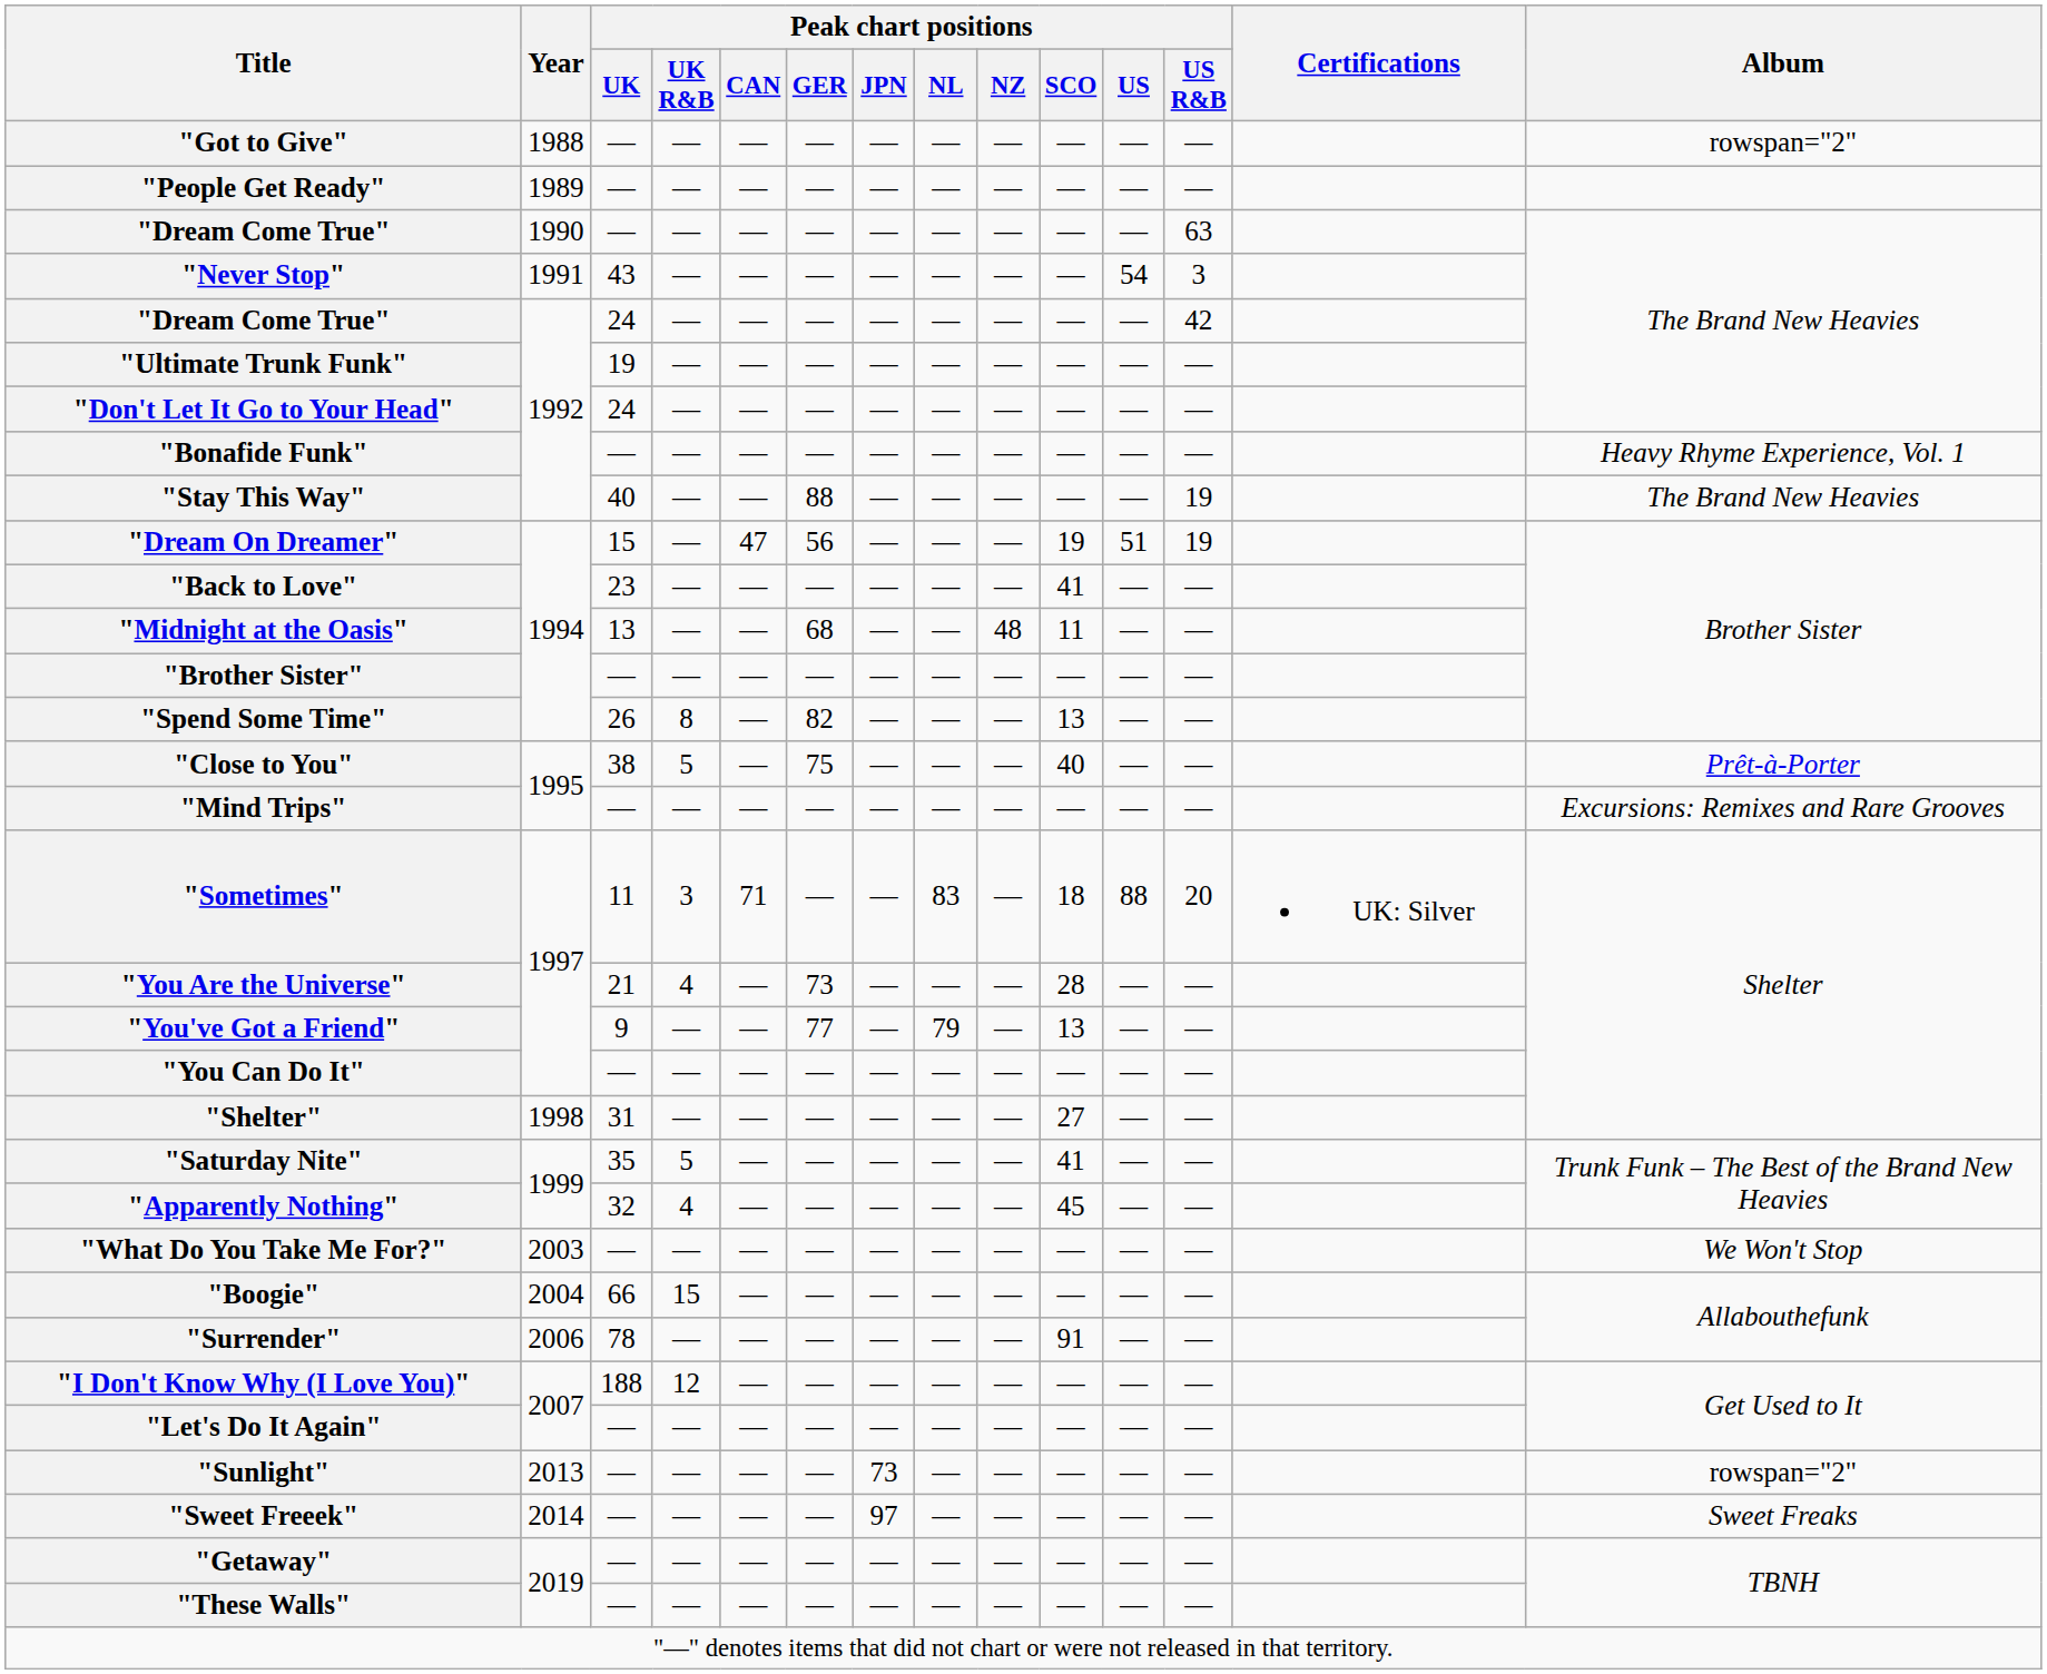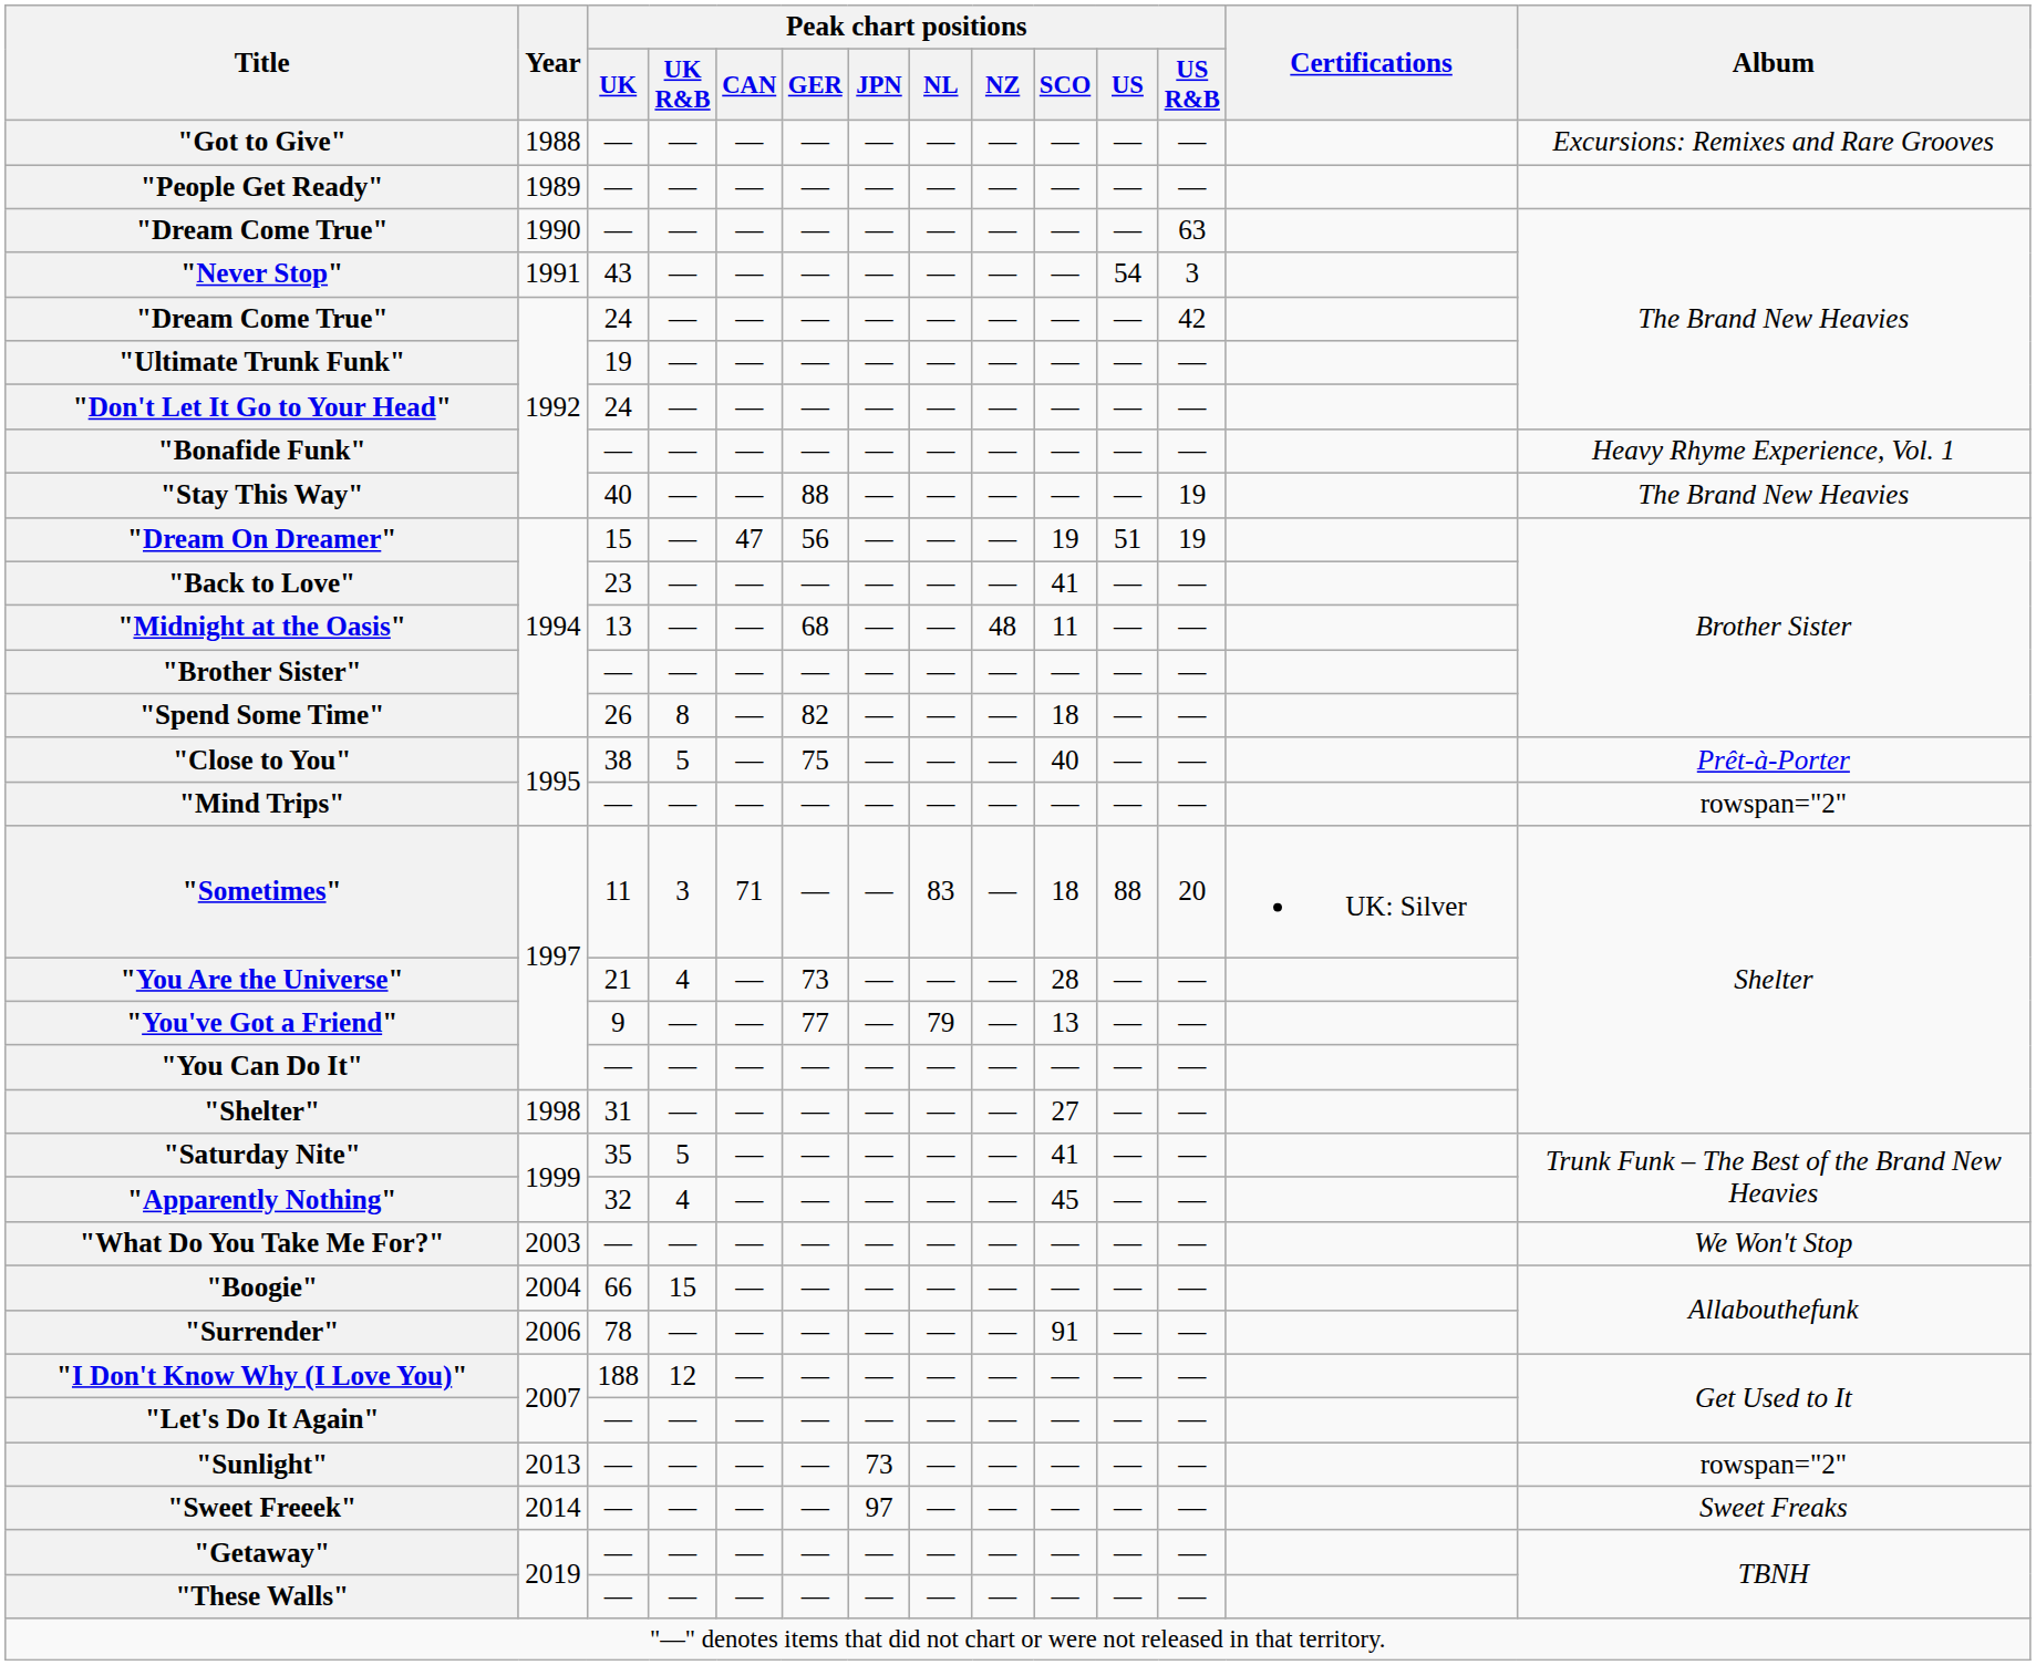 <table class="wikitable plainrowheaders" style="text-align: center;">
 <tr>
 <th scope="col" rowspan="2" style="width:18em;">Title</th>
 <th scope="col" rowspan="2">Year</th>
 <th scope="col" colspan="10">Peak chart positions</th>
 <th scope="col" rowspan="2" style="width:10em;"><a href='#'>Certifications</a></th>
 <th scope="col" rowspan="2" style="width:18em;">Album</th>
 </tr>
 <tr>
 <th style="width:2em;font-size:90%;"><a href='#'>UK</a><br></th>
 <th style="width:2em;font-size:90%;"><a href='#'>UK<br>R&B</a><br></th>
 <th style="width:2em;font-size:90%;"><a href='#'>CAN</a><br></th>
 <th style="width:2em;font-size:90%;"><a href='#'>GER</a><br></th>
 <th style="width:2em;font-size:90%;"><a href='#'>JPN</a><br></th>
 <th style="width:2em;font-size:90%;"><a href='#'>NL</a><br></th>
 <th style="width:2em;font-size:90%;"><a href='#'>NZ</a><br></th>
 <th style="width:2em;font-size:90%;"><a href='#'>SCO</a><br></th>
 <th style="width:2em;font-size:90%;"><a href='#'>US</a><br></th>
 <th style="width:2em;font-size:90%;"><a href='#'>US<br>R&B</a><br></th>
 </tr>
 <tr>
 <th scope="row">"Got to Give"</th>
 <td>1988</td>
 <td>—</td>
 <td>—</td>
 <td>—</td>
 <td>—</td>
 <td>—</td>
 <td>—</td>
 <td>—</td>
 <td>—</td>
 <td>—</td>
 <td>—</td>
 <td></td>
-<td>rowspan="2" </td>
+<td><em>Excursions: Remixes and Rare Grooves</em></td>
 </tr>
 <tr>
 <th scope="row">"People Get Ready"</th>
 <td>1989</td>
 <td>—</td>
 <td>—</td>
 <td>—</td>
 <td>—</td>
 <td>—</td>
 <td>—</td>
 <td>—</td>
 <td>—</td>
 <td>—</td>
 <td>—</td>
 <td></td>
 </tr>
 <tr>
 <th scope="row">"Dream Come True"</th>
 <td>1990</td>
 <td>—</td>
 <td>—</td>
 <td>—</td>
 <td>—</td>
 <td>—</td>
 <td>—</td>
 <td>—</td>
 <td>—</td>
 <td>—</td>
 <td>63</td>
 <td></td>
 <td rowspan="5"><em>The Brand New Heavies</em></td>
 </tr>
 <tr>
 <th scope="row">"<a href='#'>Never Stop</a>"</th>
 <td>1991</td>
 <td>43</td>
 <td>—</td>
 <td>—</td>
 <td>—</td>
 <td>—</td>
 <td>—</td>
 <td>—</td>
 <td>—</td>
 <td>54</td>
 <td>3</td>
 <td></td>
 </tr>
 <tr>
 <th scope="row">"Dream Come True" </th>
 <td rowspan="5">1992</td>
 <td>24</td>
 <td>—</td>
 <td>—</td>
 <td>—</td>
 <td>—</td>
 <td>—</td>
 <td>—</td>
 <td>—</td>
 <td>—</td>
 <td>42</td>
 <td></td>
 </tr>
 <tr>
 <th scope="row">"Ultimate Trunk Funk"  </th>
 <td>19</td>
 <td>—</td>
 <td>—</td>
 <td>—</td>
 <td>—</td>
 <td>—</td>
 <td>—</td>
 <td>—</td>
 <td>—</td>
 <td>—</td>
 <td></td>
 </tr>
 <tr>
 <th scope="row">"<a href='#'>Don't Let It Go to Your Head</a>"</th>
 <td>24</td>
 <td>—</td>
 <td>—</td>
 <td>—</td>
 <td>—</td>
 <td>—</td>
 <td>—</td>
 <td>—</td>
 <td>—</td>
 <td>—</td>
 <td></td>
 </tr>
 <tr>
 <th scope="row">"Bonafide Funk"<br></th>
 <td>—</td>
 <td>—</td>
 <td>—</td>
 <td>—</td>
 <td>—</td>
 <td>—</td>
 <td>—</td>
 <td>—</td>
 <td>—</td>
 <td>—</td>
 <td></td>
 <td><em>Heavy Rhyme Experience, Vol. 1</em></td>
 </tr>
 <tr>
 <th scope="row">"Stay This Way"</th>
 <td>40</td>
 <td>—</td>
 <td>—</td>
 <td>88</td>
 <td>—</td>
 <td>—</td>
 <td>—</td>
 <td>—</td>
 <td>—</td>
 <td>19</td>
 <td></td>
 <td><em>The Brand New Heavies</em></td>
 </tr>
 <tr>
 <th scope="row">"<a href='#'>Dream On Dreamer</a>"</th>
 <td rowspan="5">1994</td>
 <td>15</td>
 <td>—</td>
 <td>47</td>
 <td>56</td>
 <td>—</td>
 <td>—</td>
 <td>—</td>
 <td>19</td>
 <td>51</td>
 <td>19</td>
 <td></td>
 <td rowspan="5"><em>Brother Sister</em></td>
 </tr>
 <tr>
 <th scope="row">"Back to Love"</th>
 <td>23</td>
 <td>—</td>
 <td>—</td>
 <td>—</td>
 <td>—</td>
 <td>—</td>
 <td>—</td>
 <td>41</td>
 <td>—</td>
 <td>—</td>
 <td></td>
 </tr>
 <tr>
 <th scope="row">"<a href='#'>Midnight at the Oasis</a>"</th>
 <td>13</td>
 <td>—</td>
 <td>—</td>
 <td>68</td>
 <td>—</td>
 <td>—</td>
 <td>48</td>
 <td>11</td>
 <td>—</td>
 <td>—</td>
 <td></td>
 </tr>
 <tr>
 <th scope="row">"Brother Sister"</th>
 <td>—</td>
 <td>—</td>
 <td>—</td>
 <td>—</td>
 <td>—</td>
 <td>—</td>
 <td>—</td>
 <td>—</td>
 <td>—</td>
 <td>—</td>
 <td></td>
 </tr>
 <tr>
 <th scope="row">"Spend Some Time"</th>
 <td>26</td>
 <td>8</td>
 <td>—</td>
 <td>82</td>
 <td>—</td>
 <td>—</td>
 <td>—</td>
-<td>13</td>
+<td>18</td>
 <td>—</td>
 <td>—</td>
 <td></td>
 </tr>
 <tr>
 <th scope="row">"Close to You"</th>
 <td rowspan="2">1995</td>
 <td>38</td>
 <td>5</td>
 <td>—</td>
 <td>75</td>
 <td>—</td>
 <td>—</td>
 <td>—</td>
 <td>40</td>
 <td>—</td>
 <td>—</td>
 <td></td>
 <td><em><a href='#'>Prêt-à-Porter</a></em></td>
 </tr>
 <tr>
 <th scope="row">"Mind Trips"</th>
 <td>—</td>
 <td>—</td>
 <td>—</td>
 <td>—</td>
 <td>—</td>
 <td>—</td>
 <td>—</td>
 <td>—</td>
 <td>—</td>
 <td>—</td>
 <td></td>
-<td><em>Excursions: Remixes and Rare Grooves</em></td>
+<td>rowspan="2" </td>
 </tr>
 <tr>
 <th scope="row">"<a href='#'>Sometimes</a>"</th>
 <td rowspan="4">1997</td>
 <td>11</td>
 <td>3</td>
 <td>71</td>
 <td>—</td>
 <td>—</td>
 <td>83</td>
 <td>—</td>
 <td>18</td>
 <td>88</td>
 <td>20</td>
 <td><br><ul><li>UK: Silver</li></ul></td>
 <td rowspan="5"><em>Shelter</em></td>
 </tr>
 <tr>
 <th scope="row">"<a href='#'>You Are the Universe</a>"</th>
 <td>21</td>
 <td>4</td>
 <td>—</td>
 <td>73</td>
 <td>—</td>
 <td>—</td>
 <td>—</td>
 <td>28</td>
 <td>—</td>
 <td>—</td>
 <td></td>
 </tr>
 <tr>
 <th scope="row">"<a href='#'>You've Got a Friend</a>"</th>
 <td>9</td>
 <td>—</td>
 <td>—</td>
 <td>77</td>
 <td>—</td>
 <td>79</td>
 <td>—</td>
 <td>13</td>
 <td>—</td>
 <td>—</td>
 <td></td>
 </tr>
 <tr>
 <th scope="row">"You Can Do It"</th>
 <td>—</td>
 <td>—</td>
 <td>—</td>
 <td>—</td>
 <td>—</td>
 <td>—</td>
 <td>—</td>
 <td>—</td>
 <td>—</td>
 <td>—</td>
 <td></td>
 </tr>
 <tr>
 <th scope="row">"Shelter"</th>
 <td>1998</td>
 <td>31</td>
 <td>—</td>
 <td>—</td>
 <td>—</td>
 <td>—</td>
 <td>—</td>
 <td>—</td>
 <td>27</td>
 <td>—</td>
 <td>—</td>
 <td></td>
 </tr>
 <tr>
 <th scope="row">"Saturday Nite"</th>
 <td rowspan="2">1999</td>
 <td>35</td>
 <td>5</td>
 <td>—</td>
 <td>—</td>
 <td>—</td>
 <td>—</td>
 <td>—</td>
 <td>41</td>
 <td>—</td>
 <td>—</td>
 <td></td>
 <td rowspan="2"><em>Trunk Funk – The Best of the Brand New Heavies</em></td>
 </tr>
 <tr>
 <th scope="row">"<a href='#'>Apparently Nothing</a>"</th>
 <td>32</td>
 <td>4</td>
 <td>—</td>
 <td>—</td>
 <td>—</td>
 <td>—</td>
 <td>—</td>
 <td>45</td>
 <td>—</td>
 <td>—</td>
 <td></td>
 </tr>
 <tr>
 <th scope="row">"What Do You Take Me For?"</th>
 <td>2003</td>
 <td>—</td>
 <td>—</td>
 <td>—</td>
 <td>—</td>
 <td>—</td>
 <td>—</td>
 <td>—</td>
 <td>—</td>
 <td>—</td>
 <td>—</td>
 <td></td>
 <td><em>We Won't Stop</em></td>
 </tr>
 <tr>
 <th scope="row">"Boogie"</th>
 <td>2004</td>
 <td>66</td>
 <td>15</td>
 <td>—</td>
 <td>—</td>
 <td>—</td>
 <td>—</td>
 <td>—</td>
 <td>—</td>
 <td>—</td>
 <td>—</td>
 <td></td>
 <td rowspan="2"><em>Allabouthefunk</em></td>
 </tr>
 <tr>
 <th scope="row">"Surrender"</th>
 <td>2006</td>
 <td>78</td>
 <td>—</td>
 <td>—</td>
 <td>—</td>
 <td>—</td>
 <td>—</td>
 <td>—</td>
 <td>91</td>
 <td>—</td>
 <td>—</td>
 <td></td>
 </tr>
 <tr>
 <th scope="row">"<a href='#'>I Don't Know Why (I Love You)</a>"</th>
 <td rowspan="2">2007</td>
 <td>188</td>
 <td>12</td>
 <td>—</td>
 <td>—</td>
 <td>—</td>
 <td>—</td>
 <td>—</td>
 <td>—</td>
 <td>—</td>
 <td>—</td>
 <td></td>
 <td rowspan="2"><em>Get Used to It</em></td>
 </tr>
 <tr>
 <th scope="row">"Let's Do It Again"</th>
 <td>—</td>
 <td>—</td>
 <td>—</td>
 <td>—</td>
 <td>—</td>
 <td>—</td>
 <td>—</td>
 <td>—</td>
 <td>—</td>
 <td>—</td>
 <td></td>
 </tr>
 <tr>
 <th scope="row">"Sunlight"</th>
 <td>2013</td>
 <td>—</td>
 <td>—</td>
 <td>—</td>
 <td>—</td>
 <td>73</td>
 <td>—</td>
 <td>—</td>
 <td>—</td>
 <td>—</td>
 <td>—</td>
 <td></td>
 <td>rowspan="2" </td>
 </tr>
 <tr>
 <th scope="row">"Sweet Freeek"</th>
 <td>2014</td>
 <td>—</td>
 <td>—</td>
 <td>—</td>
 <td>—</td>
 <td>97</td>
 <td>—</td>
 <td>—</td>
 <td>—</td>
 <td>—</td>
 <td>—</td>
 <td></td>
 <td><em>Sweet Freaks</em></td>
 </tr>
 <tr>
 <th scope="row">"Getaway"<br></th>
 <td rowspan="2">2019</td>
 <td>—</td>
 <td>—</td>
 <td>—</td>
 <td>—</td>
 <td>—</td>
 <td>—</td>
 <td>—</td>
 <td>—</td>
 <td>—</td>
 <td>—</td>
 <td></td>
 <td rowspan="2"><em>TBNH</em></td>
 </tr>
 <tr>
 <th scope="row">"These Walls"<br></th>
 <td>—</td>
 <td>—</td>
 <td>—</td>
 <td>—</td>
 <td>—</td>
 <td>—</td>
 <td>—</td>
 <td>—</td>
 <td>—</td>
 <td>—</td>
 <td></td>
 </tr>
 <tr>
 <td colspan="14" style="font-size:90%">"—" denotes items that did not chart or were not released in that territory.</td>
 </tr>
 </table>
